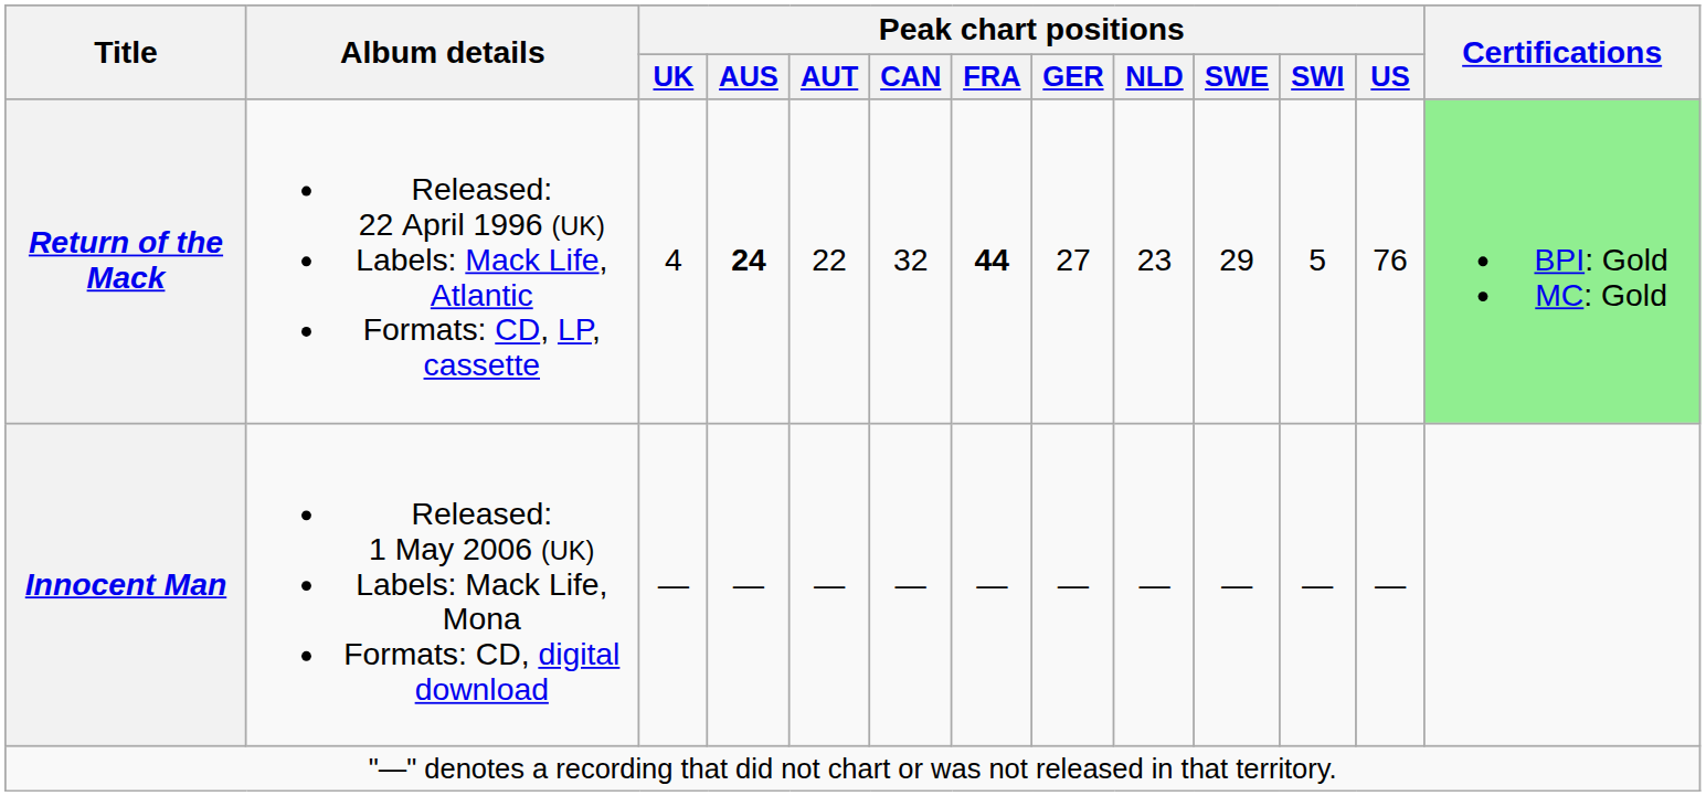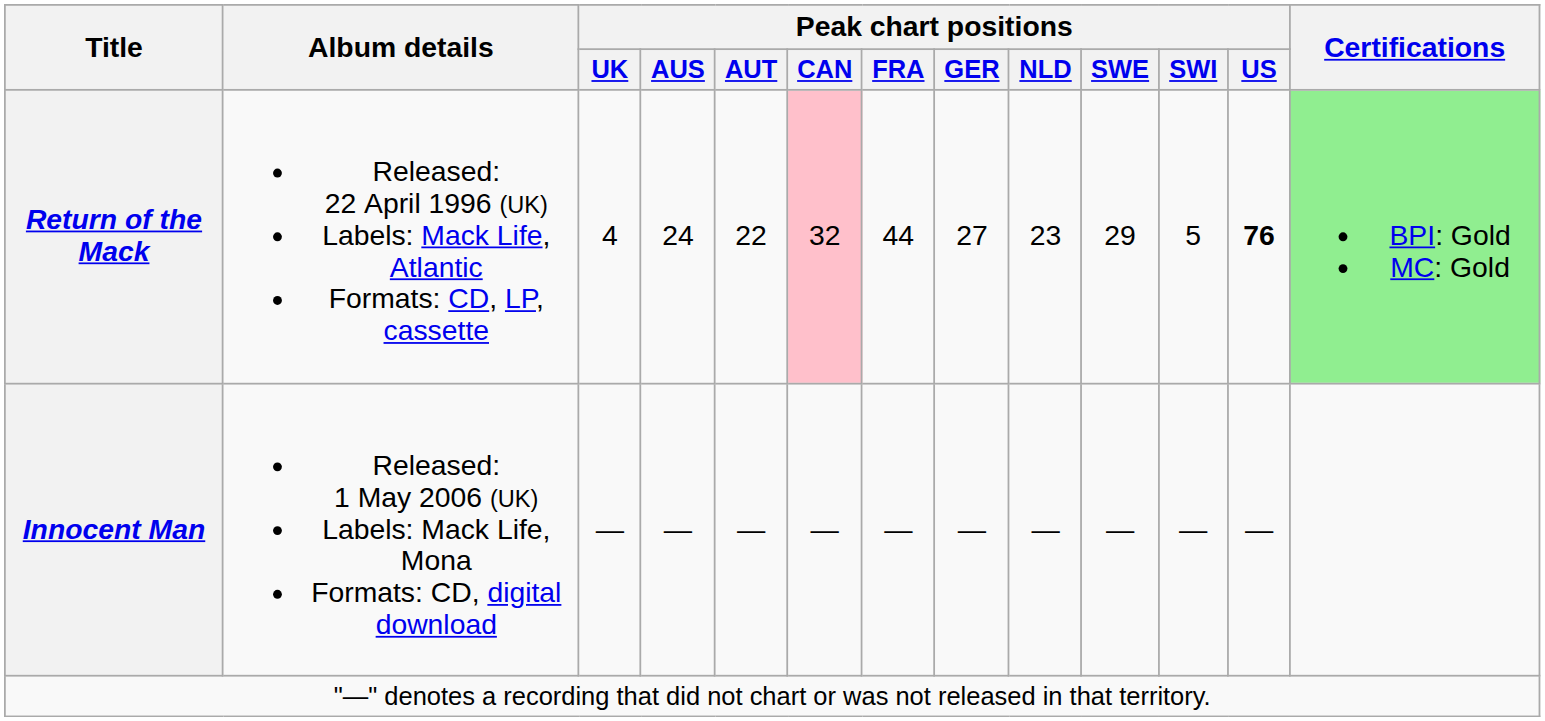 <table class="wikitable plainrowheaders" style="text-align:center;" border="1">
 <tr>
 <th scope="col" rowspan="2" style="width:13em;">Title</th>
 <th scope="col" rowspan="2" style="width:19em;">Album details</th>
 <th scope="col" colspan="10">Peak chart positions</th>
 <th scope="col" rowspan="2" style="width:12em;"><a href='#'>Certifications</a></th>
 </tr>
 <tr>
 <th scope="col" style="width:3em;font-size:90%;"><a href='#'>UK</a><br></th>
 <th scope="col" style="width:3em;font-size:90%;"><a href='#'>AUS</a><br></th>
 <th scope="col" style="width:3em;font-size:90%;"><a href='#'>AUT</a><br></th>
 <th scope="col" style="width:3em;font-size:90%;"><a href='#'>CAN</a><br></th>
 <th scope="col" style="width:3em;font-size:90%;"><a href='#'>FRA</a><br></th>
 <th scope="col" style="width:3em;font-size:90%;"><a href='#'>GER</a><br></th>
 <th scope="col" style="width:3em;font-size:90%;"><a href='#'>NLD</a><br></th>
 <th scope="col" style="width:3em;font-size:90%;"><a href='#'>SWE</a><br></th>
 <th scope="col" style="width:3em;font-size:90%;"><a href='#'>SWI</a><br></th>
 <th scope="col" style="width:3em;font-size:90%;"><a href='#'>US</a><br></th>
 </tr>
 <tr>
 <th scope="row"><em><a href='#'>Return of the Mack</a></em></th>
 <td><br><ul><li>Released: 22 April 1996 <small>(UK)</small></li><li>Labels: <a href='#'>Mack Life</a>, <a href='#'>Atlantic</a></li><li>Formats: <a href='#'>CD</a>, <a href='#'>LP</a>, <a href='#'>cassette</a></li></ul></td>
 <td>4</td>
-<td><strong>24</strong></td>
+<td>24</td>
 <td>22</td>
-<td>32</td>
-<td><strong>44</strong></td>
+<td style="background: pink;">32</td>
+<td>44</td>
 <td>27</td>
 <td>23</td>
 <td>29</td>
 <td>5</td>
-<td>76</td>
+<td><strong>76</strong></td>
 <td style="background: lightgreen;"><br><ul><li><a href='#'>BPI</a>: Gold</li><li><a href='#'>MC</a>: Gold</li></ul></td>
 </tr>
 <tr>
 <th scope="row"><em><a href='#'>Innocent Man</a></em></th>
 <td><br><ul><li>Released: 1 May 2006 <small>(UK)</small></li><li>Labels: Mack Life, Mona</li><li>Formats: CD, <a href='#'>digital download</a></li></ul></td>
 <td>—</td>
 <td>—</td>
 <td>—</td>
 <td>—</td>
 <td>—</td>
 <td>—</td>
 <td>—</td>
 <td>—</td>
 <td>—</td>
 <td>—</td>
 <td></td>
 </tr>
 <tr>
 <td colspan="15" style="font-size:90%">"—" denotes a recording that did not chart or was not released in that territory.</td>
 </tr>
 </table>
